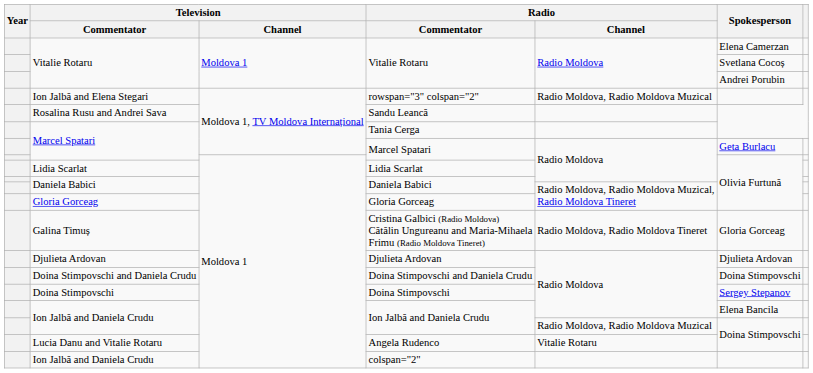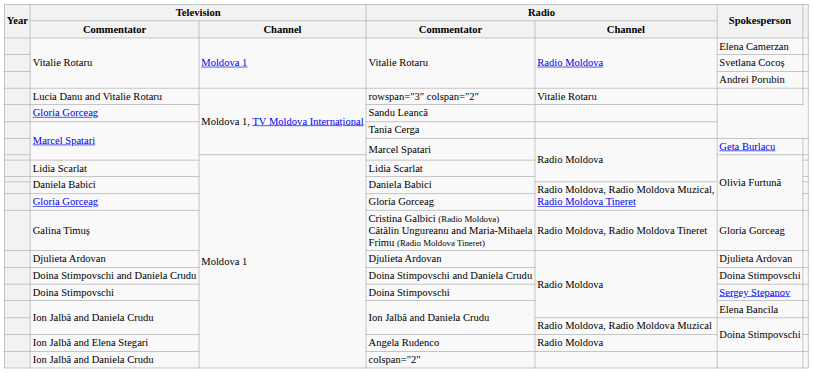 <table class="wikitable sortable plainrowheaders">
 <tr>
 <th scope="col" rowspan="2">Year</th>
 <th scope="colgroup" colspan="2">Television</th>
 <th scope="colgroup" colspan="2">Radio</th>
 <th scope="col" rowspan="2">Spokesperson</th>
 <th scope="col" rowspan="2"></th>
 </tr>
 <tr>
 <th scope="col">Commentator</th>
 <th scope="col">Channel</th>
 <th scope="col">Commentator</th>
 <th scope="col">Channel</th>
 </tr>
 <tr>
 <th scope="row"></th>
 <td rowspan="3">Vitalie Rotaru</td>
 <td rowspan="3"><a href='#'>Moldova 1</a></td>
 <td rowspan="3">Vitalie Rotaru</td>
 <td rowspan="3"><a href='#'>Radio Moldova</a></td>
 <td>Elena Camerzan</td>
 <td></td>
 </tr>
 <tr>
 <th scope="row"></th>
 <td>Svetlana Cocoș</td>
 <td></td>
 </tr>
 <tr>
 <th scope="row"></th>
 <td>Andrei Porubin</td>
 <td></td>
 </tr>
 <tr>
 <th scope="row"></th>
-<td>Ion Jalbă and Elena Stegari</td>
+<td>Lucia Danu and Vitalie Rotaru</td>
 <td rowspan="4">Moldova 1, <a href='#'>TV Moldova Internațional</a></td>
 <td>rowspan="3" colspan="2" </td>
-<td>Radio Moldova, Radio Moldova Muzical</td>
+<td>Vitalie Rotaru</td>
 <td></td>
 </tr>
 <tr>
 <th scope="row"></th>
-<td>Rosalina Rusu and Andrei Sava</td>
+<td><a href='#'>Gloria Gorceag</a></td>
 <td>Sandu Leancă</td>
 <td></td>
 </tr>
 <tr>
 <th scope="row"></th>
 <td rowspan="3"><a href='#'>Marcel Spatari</a></td>
 <td>Tania Cerga</td>
 <td></td>
 </tr>
 <tr>
 <th scope="row"></th>
 <td rowspan="2">Marcel Spatari</td>
 <td rowspan="4">Radio Moldova</td>
 <td><a href='#'>Geta Burlacu</a></td>
 <td></td>
 </tr>
 <tr>
 <th scope="row"></th>
 <td rowspan="13">Moldova 1</td>
 <td rowspan=5>Olivia Furtună</td>
 <td></td>
 </tr>
 <tr>
 <th scope="row"></th>
 <td>Lidia Scarlat</td>
 <td>Lidia Scarlat</td>
 <td></td>
 </tr>
 <tr>
 <th scope="row"></th>
 <td rowspan=2>Daniela Babici</td>
 <td rowspan="2">Daniela Babici</td>
 <td></td>
 </tr>
 <tr>
 <th scope="row"></th>
 <td rowspan="2">Radio Moldova, Radio Moldova Muzical,<br><a href='#'>Radio Moldova Tineret</a></td>
 <td></td>
 </tr>
 <tr>
 <th scope="row"></th>
 <td><a href='#'>Gloria Gorceag</a></td>
 <td>Gloria Gorceag</td>
 <td></td>
 </tr>
 <tr>
 <th scope="row"></th>
 <td>Galina Timuș</td>
 <td>Cristina Galbici <small>(Radio Moldova)</small><br>Cătălin Ungureanu and Maria-Mihaela<br> Frimu <small>(Radio Moldova Tineret)</small></td>
 <td>Radio Moldova, Radio Moldova Tineret</td>
 <td>Gloria Gorceag</td>
 <td></td>
 </tr>
 <tr>
 <th scope="row"></th>
 <td>Djulieta Ardovan</td>
 <td>Djulieta Ardovan</td>
 <td rowspan="4">Radio Moldova</td>
 <td>Djulieta Ardovan</td>
 <td></td>
 </tr>
 <tr>
 <th scope="row"></th>
 <td>Doina Stimpovschi and Daniela Crudu</td>
 <td>Doina Stimpovschi and Daniela Crudu</td>
 <td>Doina Stimpovschi</td>
 <td></td>
 </tr>
 <tr>
 <th scope="row"></th>
 <td>Doina Stimpovschi</td>
 <td>Doina Stimpovschi</td>
 <td><a href='#'>Sergey Stepanov</a></td>
 <td></td>
 </tr>
 <tr>
 <th scope="row"></th>
 <td rowspan="2">Ion Jalbă and Daniela Crudu</td>
 <td rowspan="2">Ion Jalbă and Daniela Crudu</td>
 <td>Elena Bancila</td>
 <td></td>
 </tr>
 <tr>
 <th scope="row"></th>
 <td>Radio Moldova, Radio Moldova Muzical</td>
 <td rowspan=2>Doina Stimpovschi</td>
 <td></td>
 </tr>
 <tr>
 <th scope="row"></th>
-<td>Lucia Danu and Vitalie Rotaru</td>
+<td>Ion Jalbă and Elena Stegari</td>
 <td>Angela Rudenco</td>
-<td>Vitalie Rotaru</td>
+<td>Radio Moldova</td>
 <td></td>
 </tr>
 <tr>
 <th scope="row"></th>
 <td>Ion Jalbă and Daniela Crudu</td>
 <td>colspan="2" </td>
 <td></td>
 <td></td>
 </tr>
 </table>
